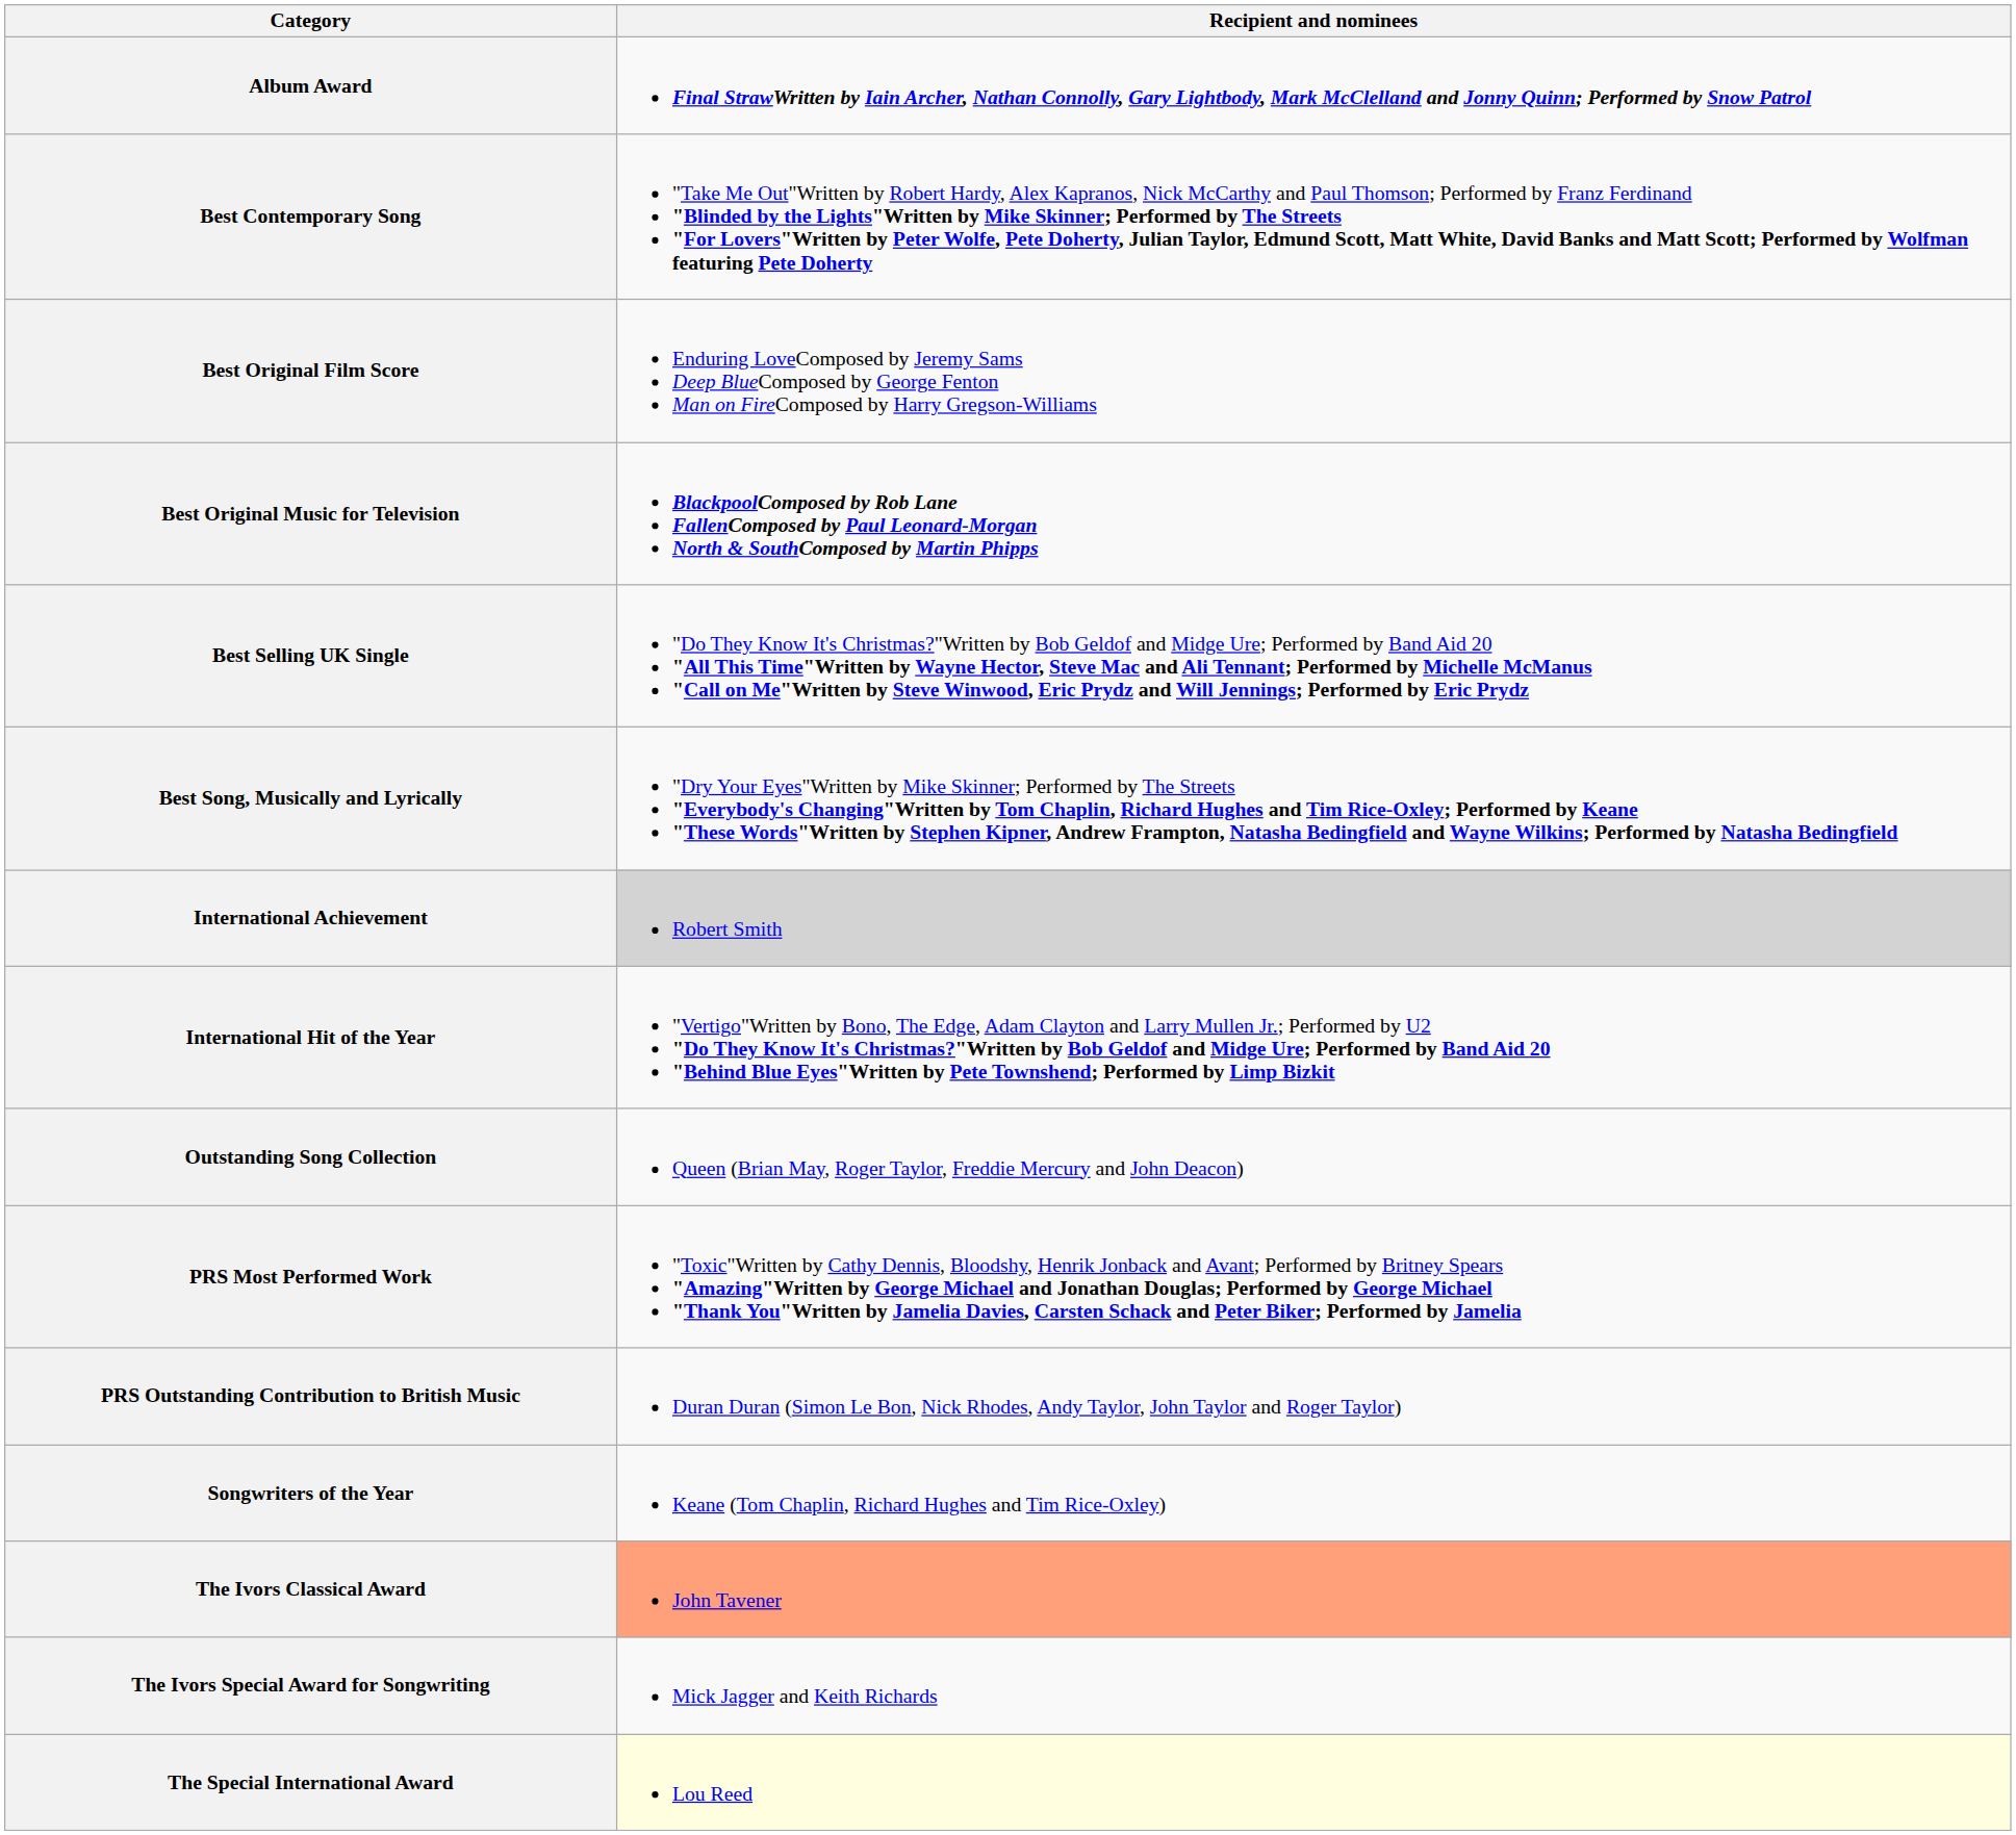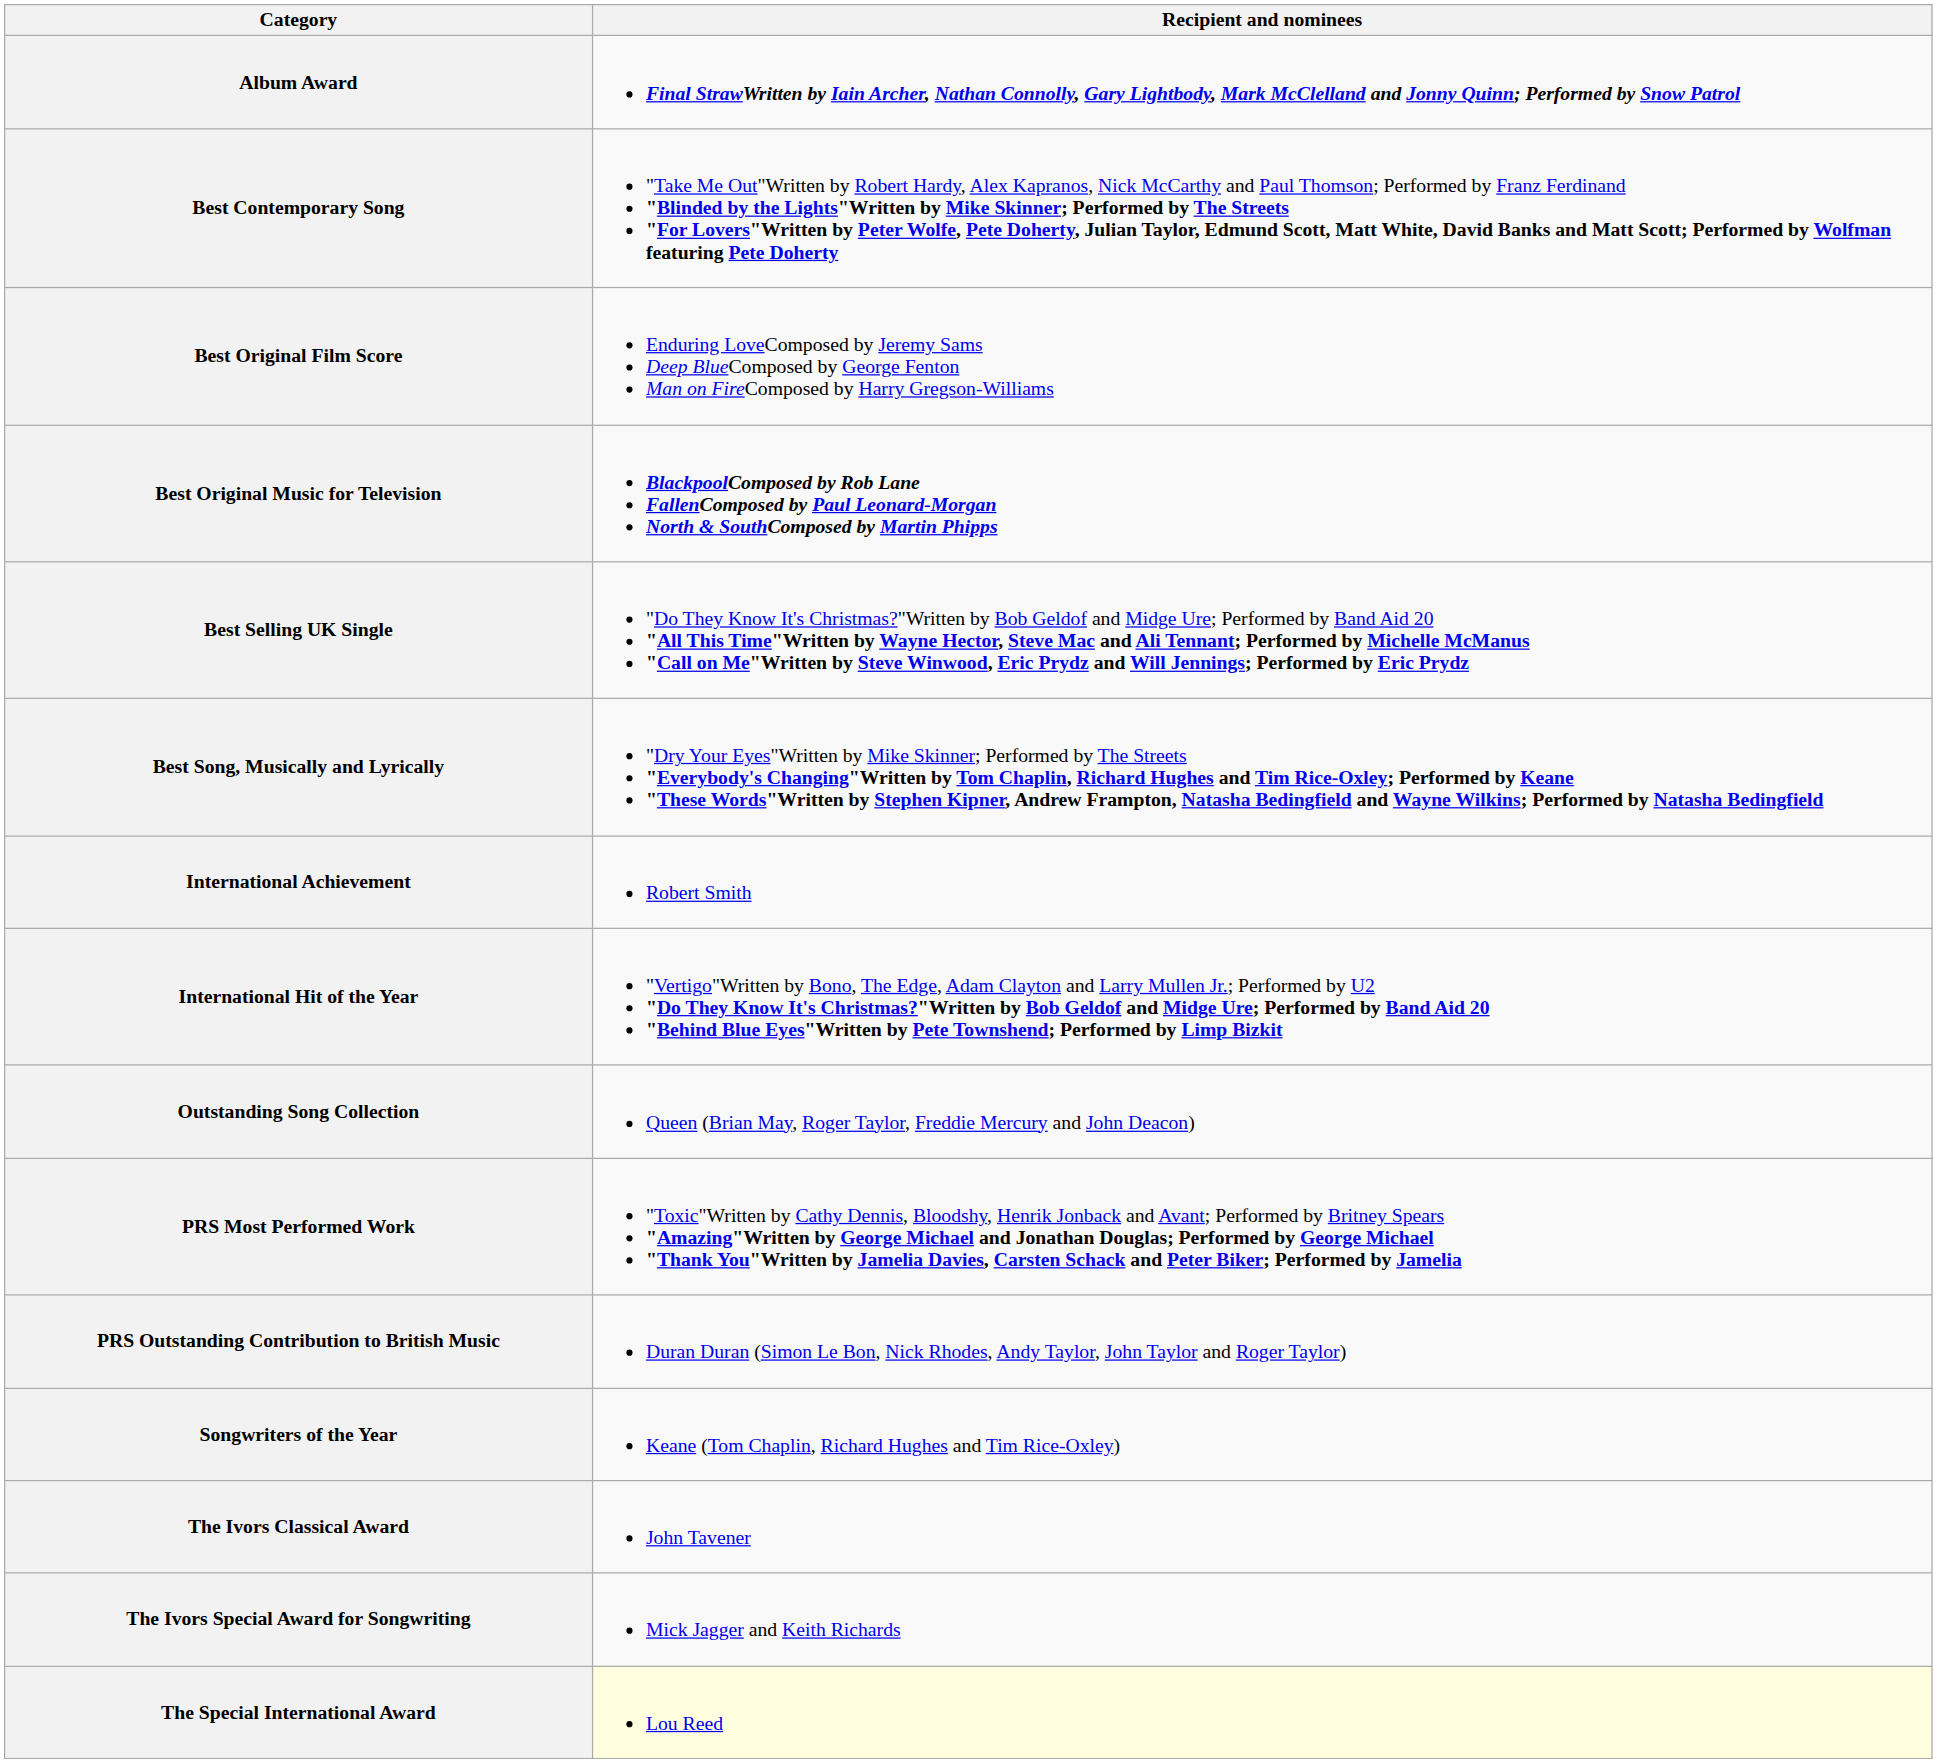 <table class="wikitable">
 <tr>
 <th width="25%">Category</th>
 <th width="57%">Recipient and nominees</th>
 </tr>
 <tr>
 <th scope="row">Album Award</th>
 <td><br><ul><li><strong><em><a href='#'>Final Straw</a><em>Written by <a href='#'>Iain Archer</a>, <a href='#'>Nathan Connolly</a>, <a href='#'>Gary Lightbody</a>, <a href='#'>Mark McClelland</a> and <a href='#'>Jonny Quinn</a>; Performed by <a href='#'>Snow Patrol</a><strong></li></ul></td>
 </tr>
 <tr>
 <th scope="row">Best Contemporary Song</th>
 <td><br><ul><li></strong>"<a href='#'>Take Me Out</a>"Written by <a href='#'>Robert Hardy</a>, <a href='#'>Alex Kapranos</a>, <a href='#'>Nick McCarthy</a> and <a href='#'>Paul Thomson</a>; Performed by <a href='#'>Franz Ferdinand</a><strong></li><li>"<a href='#'>Blinded by the Lights</a>"Written by <a href='#'>Mike Skinner</a>; Performed by <a href='#'>The Streets</a></li><li>"<a href='#'>For Lovers</a>"Written by <a href='#'>Peter Wolfe</a>, <a href='#'>Pete Doherty</a>, Julian Taylor, Edmund Scott, Matt White, David Banks and Matt Scott; Performed by <a href='#'>Wolfman</a> featuring <a href='#'>Pete Doherty</a></li></ul></td>
 </tr>
 <tr>
 <th scope="row">Best Original Film Score</th>
 <td><br><ul><li></em></strong><a href='#'>Enduring Love</a></em>Composed by <a href='#'>Jeremy Sams</a></strong></li><li><em><a href='#'>Deep Blue</a></em>Composed by <a href='#'>George Fenton</a></li><li><em><a href='#'>Man on Fire</a></em>Composed by <a href='#'>Harry Gregson-Williams</a></li></ul></td>
 </tr>
 <tr>
 <th scope="row">Best Original Music for Television</th>
 <td><br><ul><li><strong><em><a href='#'>Blackpool</a><em>Composed by Rob Lane<strong></li><li></em><a href='#'>Fallen</a><em>Composed by <a href='#'>Paul Leonard-Morgan</a></li><li></em><a href='#'>North & South</a><em>Composed by <a href='#'>Martin Phipps</a></li></ul></td>
 </tr>
 <tr>
 <th scope="row">Best Selling UK Single</th>
 <td><br><ul><li></strong>"<a href='#'>Do They Know It's Christmas?</a>"Written by <a href='#'>Bob Geldof</a> and <a href='#'>Midge Ure</a>; Performed by <a href='#'>Band Aid 20</a><strong></li><li>"<a href='#'>All This Time</a>"Written by <a href='#'>Wayne Hector</a>, <a href='#'>Steve Mac</a> and <a href='#'>Ali Tennant</a>; Performed by <a href='#'>Michelle McManus</a></li><li>"<a href='#'>Call on Me</a>"Written by <a href='#'>Steve Winwood</a>, <a href='#'>Eric Prydz</a> and <a href='#'>Will Jennings</a>; Performed by <a href='#'>Eric Prydz</a></li></ul></td>
 </tr>
 <tr>
 <th scope="row">Best Song, Musically and Lyrically</th>
 <td><br><ul><li></strong>"<a href='#'>Dry Your Eyes</a>"Written by <a href='#'>Mike Skinner</a>; Performed by <a href='#'>The Streets</a><strong></li><li>"<a href='#'>Everybody's Changing</a>"Written by <a href='#'>Tom Chaplin</a>, <a href='#'>Richard Hughes</a> and <a href='#'>Tim Rice-Oxley</a>; Performed by <a href='#'>Keane</a></li><li>"<a href='#'>These Words</a>"Written by <a href='#'>Stephen Kipner</a>, Andrew Frampton, <a href='#'>Natasha Bedingfield</a> and <a href='#'>Wayne Wilkins</a>; Performed by <a href='#'>Natasha Bedingfield</a></li></ul></td>
 </tr>
 <tr>
 <th scope="row">International Achievement</th>
-<td style="background: lightgrey;"><br><ul><li></strong><a href='#'>Robert Smith</a><strong></li></ul></td>
+<td><br><ul><li></strong><a href='#'>Robert Smith</a><strong></li></ul></td>
 </tr>
 <tr>
 <th scope="row">International Hit of the Year</th>
 <td><br><ul><li></strong>"<a href='#'>Vertigo</a>"Written by <a href='#'>Bono</a>, <a href='#'>The Edge</a>, <a href='#'>Adam Clayton</a> and <a href='#'>Larry Mullen Jr.</a>; Performed by <a href='#'>U2</a><strong></li><li>"<a href='#'>Do They Know It's Christmas?</a>"Written by <a href='#'>Bob Geldof</a> and <a href='#'>Midge Ure</a>; Performed by <a href='#'>Band Aid 20</a></li><li>"<a href='#'>Behind Blue Eyes</a>"Written by <a href='#'>Pete Townshend</a>; Performed by <a href='#'>Limp Bizkit</a></li></ul></td>
 </tr>
 <tr>
 <th scope="row">Outstanding Song Collection</th>
 <td><br><ul><li></strong><a href='#'>Queen</a> (<a href='#'>Brian May</a>, <a href='#'>Roger Taylor</a>, <a href='#'>Freddie Mercury</a> and <a href='#'>John Deacon</a>)<strong></li></ul></td>
 </tr>
 <tr>
 <th scope="row">PRS Most Performed Work</th>
 <td><br><ul><li></strong>"<a href='#'>Toxic</a>"Written by <a href='#'>Cathy Dennis</a>, <a href='#'>Bloodshy</a>, <a href='#'>Henrik Jonback</a> and <a href='#'>Avant</a>; Performed by <a href='#'>Britney Spears</a><strong></li><li>"<a href='#'>Amazing</a>"Written by <a href='#'>George Michael</a> and Jonathan Douglas; Performed by <a href='#'>George Michael</a></li><li>"<a href='#'>Thank You</a>"Written by <a href='#'>Jamelia Davies</a>, <a href='#'>Carsten Schack</a> and <a href='#'>Peter Biker</a>; Performed by <a href='#'>Jamelia</a></li></ul></td>
 </tr>
 <tr>
 <th scope="row">PRS Outstanding Contribution to British Music</th>
 <td><br><ul><li></strong><a href='#'>Duran Duran</a> (<a href='#'>Simon Le Bon</a>, <a href='#'>Nick Rhodes</a>, <a href='#'>Andy Taylor</a>, <a href='#'>John Taylor</a> and <a href='#'>Roger Taylor</a>)<strong></li></ul></td>
 </tr>
 <tr>
 <th scope="row">Songwriters of the Year</th>
 <td><br><ul><li></strong><a href='#'>Keane</a> (<a href='#'>Tom Chaplin</a>, <a href='#'>Richard Hughes</a> and <a href='#'>Tim Rice-Oxley</a>)<strong></li></ul></td>
 </tr>
 <tr>
 <th scope="row">The Ivors Classical Award</th>
-<td style="background: lightsalmon;"><br><ul><li></strong><a href='#'>John Tavener</a><strong></li></ul></td>
+<td><br><ul><li></strong><a href='#'>John Tavener</a><strong></li></ul></td>
 </tr>
 <tr>
 <th scope="row">The Ivors Special Award for Songwriting</th>
 <td><br><ul><li></strong><a href='#'>Mick Jagger</a> and <a href='#'>Keith Richards</a><strong></li></ul></td>
 </tr>
 <tr>
 <th scope="row">The Special International Award</th>
 <td style="background: lightyellow;"><br><ul><li></strong><a href='#'>Lou Reed</a><strong></li></ul></td>
 </tr>
 <tr>
 </tr>
 </table>
